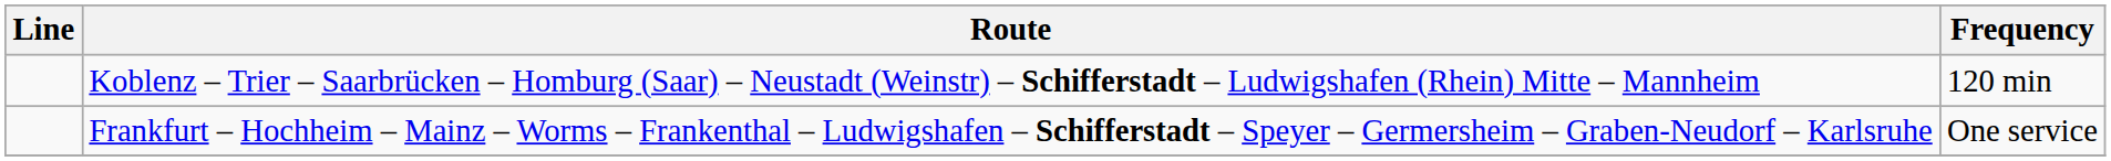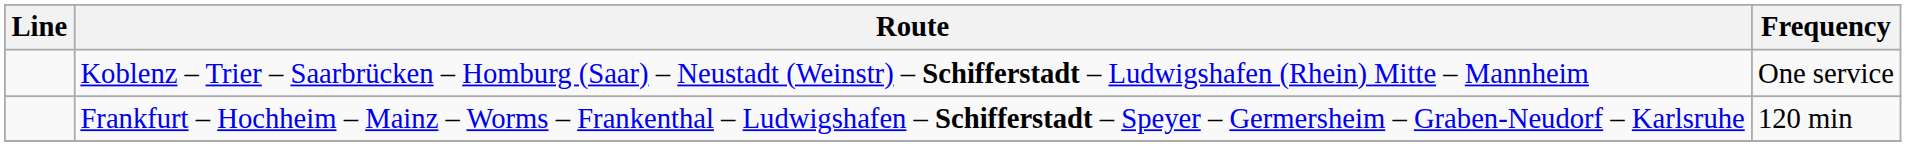 <table class="wikitable">
 <tr>
 <th>Line</th>
 <th>Route</th>
 <th>Frequency</th>
 </tr>
 <tr>
 <td></td>
 <td><a href='#'>Koblenz</a> – <a href='#'>Trier</a> – <a href='#'>Saarbrücken</a> – <a href='#'>Homburg (Saar)</a> – <a href='#'>Neustadt (Weinstr)</a> – <strong>Schifferstadt</strong> – <a href='#'>Ludwigshafen (Rhein) Mitte</a> – <a href='#'>Mannheim</a></td>
-<td>120 min</td>
+<td>One service</td>
 </tr>
 <tr>
 <td></td>
 <td><a href='#'>Frankfurt</a> – <a href='#'>Hochheim</a> – <a href='#'>Mainz</a> – <a href='#'>Worms</a> – <a href='#'>Frankenthal</a> – <a href='#'>Ludwigshafen</a> – <strong>Schifferstadt</strong> – <a href='#'>Speyer</a> – <a href='#'>Germersheim</a> – <a href='#'>Graben-Neudorf</a> – <a href='#'>Karlsruhe</a></td>
-<td>One service</td>
+<td>120 min</td>
 </tr>
 <tr>
 </tr>
 </table>
